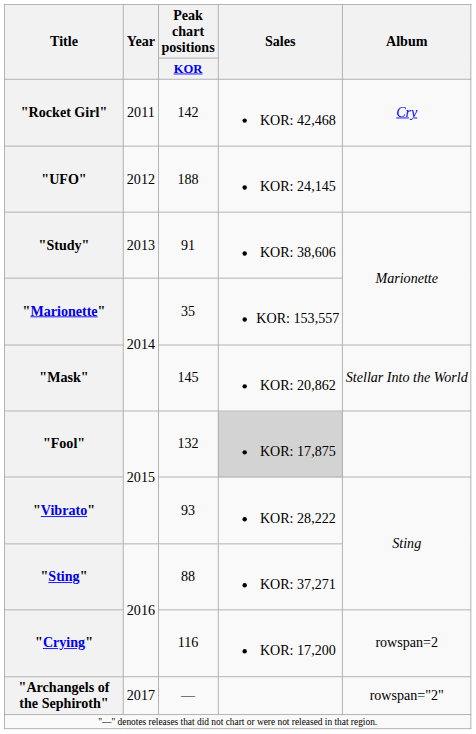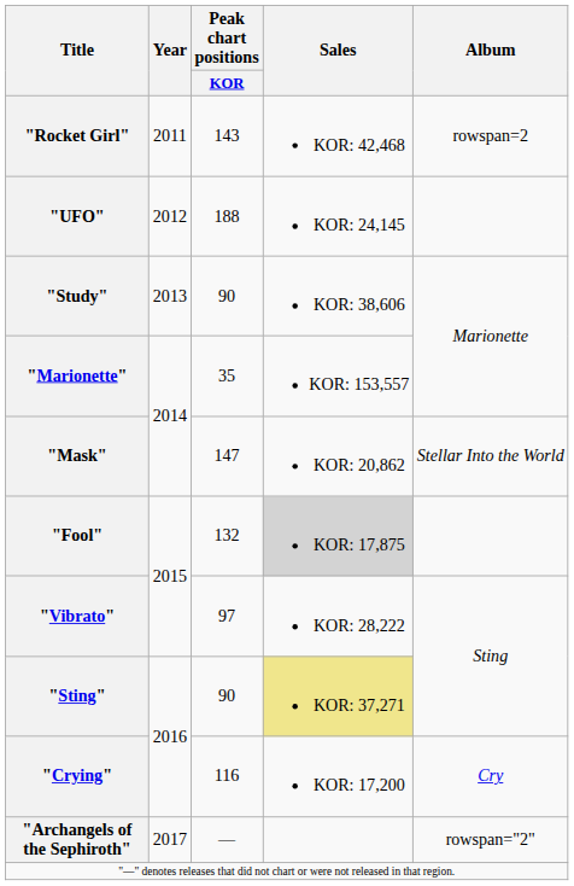 <table class="wikitable plainrowheaders" style="text-align:center">
 <tr>
 <th scope="col" rowspan="2" style="width:8em;">Title</th>
 <th scope="col" rowspan="2">Year</th>
 <th scope="col" colspan="1">Peak chart positions</th>
 <th scope="col" rowspan="2">Sales</th>
 <th scope="col" rowspan="2">Album</th>
 </tr>
 <tr>
 <th scope="col" style="width:3.5em;font-size:90%;"><a href='#'>KOR</a><br></th>
 </tr>
 <tr>
 <th scope="row">"Rocket Girl"</th>
 <td>2011</td>
-<td>142</td>
+<td>143</td>
 <td><br><ul><li>KOR: 42,468</li></ul></td>
-<td><em><a href='#'>Cry</a></em></td>
+<td>rowspan=2 </td>
 </tr>
 <tr>
 <th scope="row">"UFO"</th>
 <td>2012</td>
 <td>188</td>
 <td><br><ul><li>KOR: 24,145</li></ul></td>
 </tr>
 <tr>
 <th scope="row">"Study"</th>
 <td>2013</td>
-<td>91</td>
+<td>90</td>
 <td><br><ul><li>KOR: 38,606</li></ul></td>
 <td rowspan="2"><em>Marionette</em></td>
 </tr>
 <tr>
 <th scope="row">"<a href='#'>Marionette</a>"</th>
 <td rowspan="2">2014</td>
 <td>35</td>
 <td><br><ul><li>KOR: 153,557</li></ul></td>
 </tr>
 <tr>
 <th scope="row">"Mask"</th>
-<td>145</td>
+<td>147</td>
 <td><br><ul><li>KOR: 20,862</li></ul></td>
 <td><em>Stellar Into the World</em></td>
 </tr>
 <tr>
 <th scope="row">"Fool"</th>
 <td rowspan="2">2015</td>
 <td>132</td>
 <td style="background: lightgrey;"><br><ul><li>KOR: 17,875</li></ul></td>
 </tr>
 <tr>
 <th scope="row">"<a href='#'>Vibrato</a>"</th>
-<td>93</td>
+<td>97</td>
 <td><br><ul><li>KOR: 28,222</li></ul></td>
 <td rowspan="2"><em>Sting</em></td>
 </tr>
 <tr>
 <th scope="row">"<a href='#'>Sting</a>"</th>
 <td rowspan="2">2016</td>
-<td>88</td>
-<td><br><ul><li>KOR: 37,271</li></ul></td>
+<td>90</td>
+<td style="background: khaki;"><br><ul><li>KOR: 37,271</li></ul></td>
 </tr>
 <tr>
 <th scope="row">"<a href='#'>Crying</a>"</th>
 <td>116</td>
 <td><br><ul><li>KOR: 17,200</li></ul></td>
-<td>rowspan=2 </td>
+<td><em><a href='#'>Cry</a></em></td>
 </tr>
 <tr>
 <th scope="row">"Archangels of the Sephiroth"</th>
 <td>2017</td>
 <td>—</td>
 <td></td>
 <td>rowspan="2" </td>
 </tr>
 <tr>
 <td colspan="6" style="font-size:8pt;">"—" denotes releases that did not chart or were not released in that region.</td>
 </tr>
 </table>
